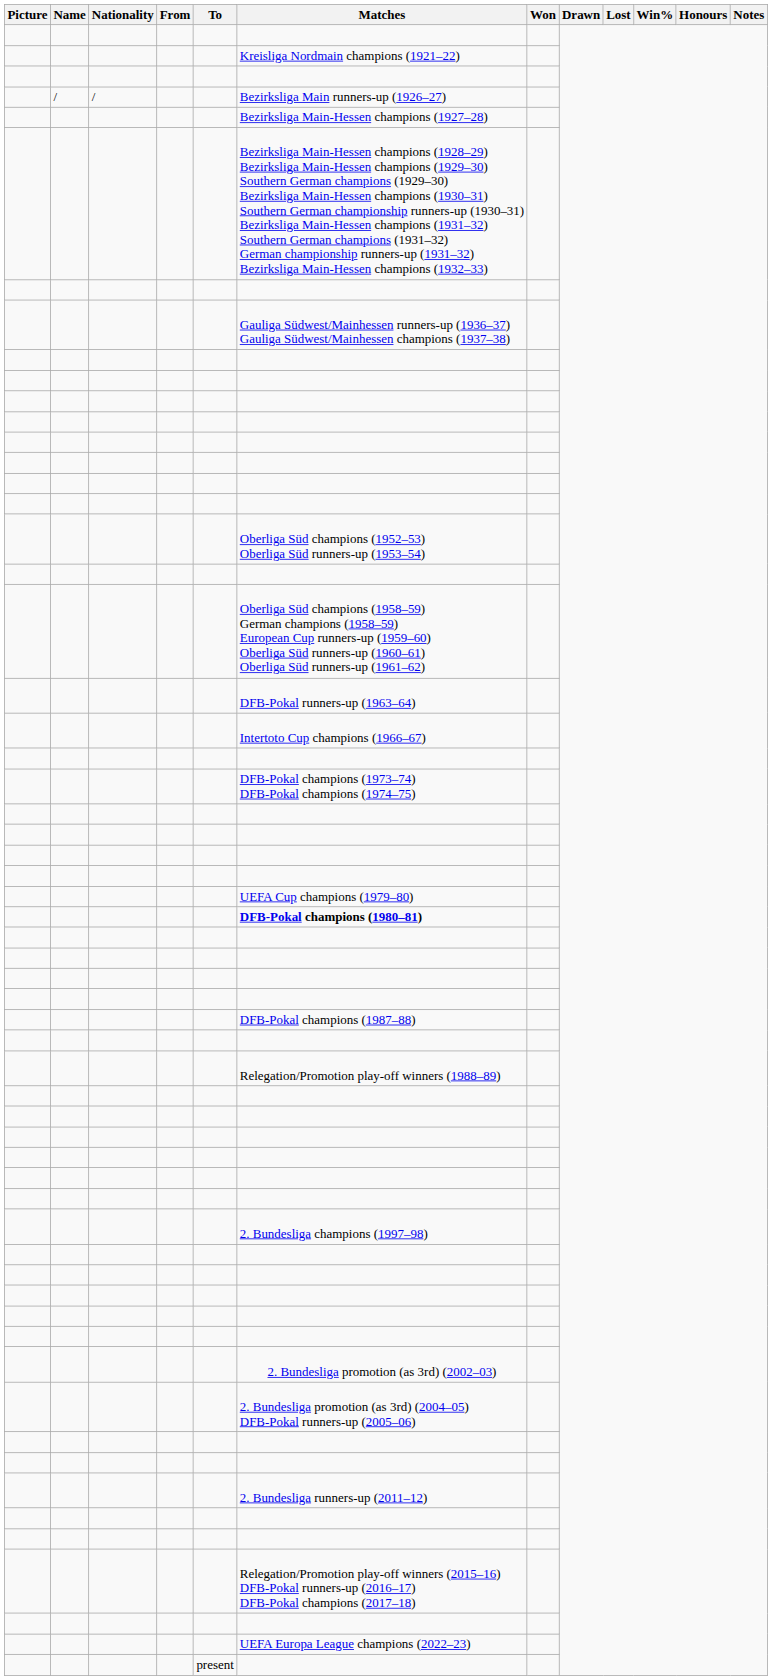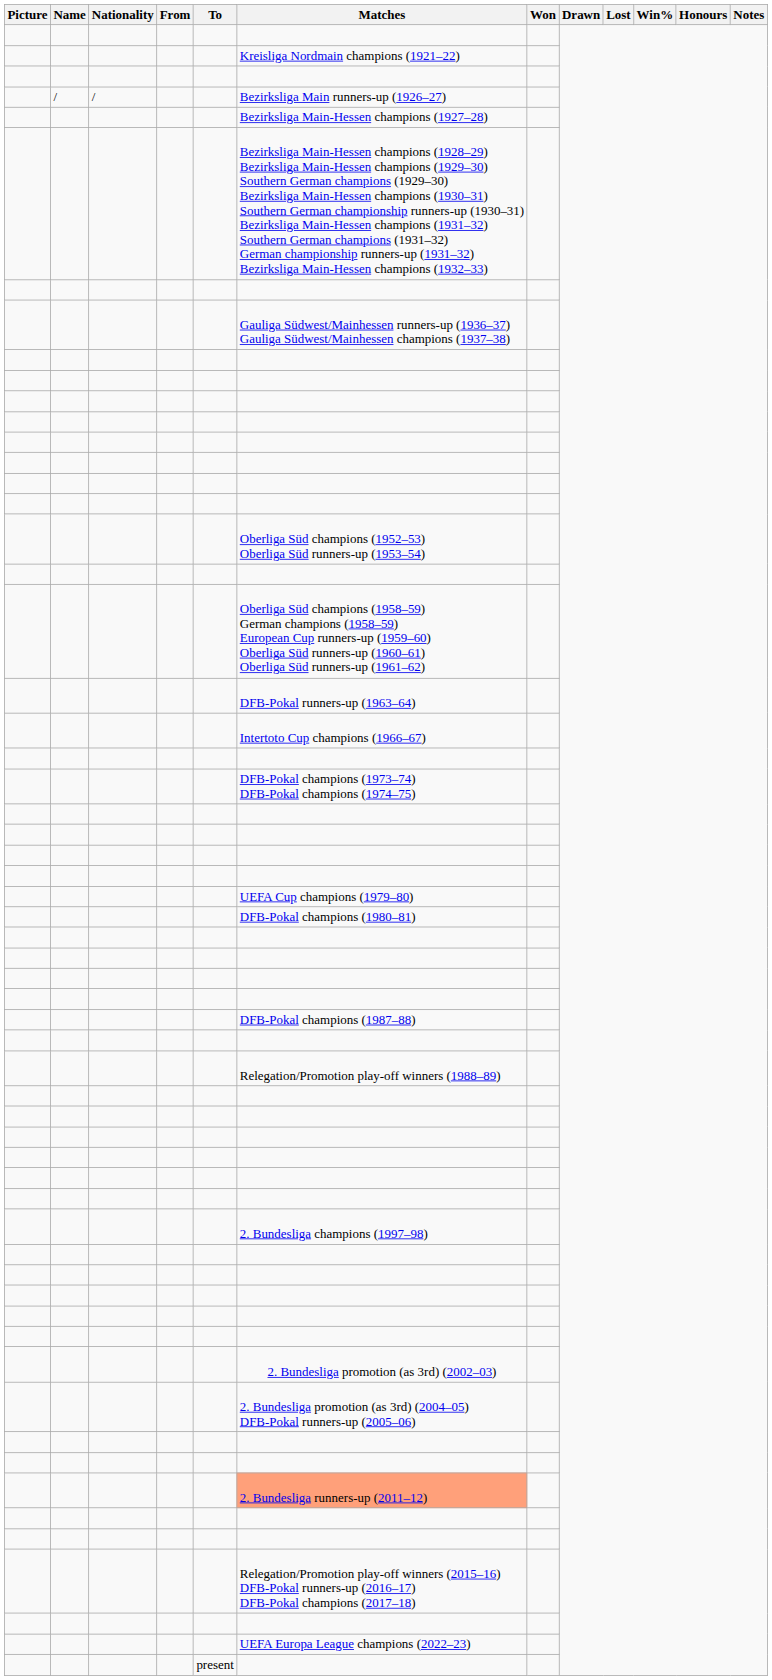 <table class="wikitable sortable" style="text-align: left">
 <tr>
 <th>Picture</th>
 <th>Name</th>
 <th>Nationality</th>
 <th>From</th>
 <th class="unsortable">To</th>
 <th>Matches</th>
 <th>Won</th>
 <th>Drawn</th>
 <th>Lost</th>
 <th>Win%</th>
 <th class="unsortable">Honours</th>
 <th class="unsortable">Notes</th>
 </tr>
 <tr>
 <td align=center></td>
 <td align=left></td>
 <td></td>
 <td align=left></td>
 <td align=left><br></td>
 <td align=left></td>
 <td></td>
 </tr>
 <tr>
 <td align=center></td>
 <td align=left></td>
 <td></td>
 <td align=left></td>
 <td align=left><br></td>
 <td align=left><a href='#'>Kreisliga Nordmain</a> champions (<a href='#'>1921–22</a>)</td>
 <td></td>
 </tr>
 <tr>
 <td align=center></td>
 <td align=left></td>
 <td></td>
 <td align=left></td>
 <td align=left><br></td>
 <td align=left></td>
 <td></td>
 </tr>
 <tr>
 <td align=center></td>
 <td align=left> / </td>
 <td> / </td>
 <td align=left></td>
 <td align=left><br></td>
 <td align=left><a href='#'>Bezirksliga Main</a> runners-up (<a href='#'>1926–27</a>)</td>
 <td></td>
 </tr>
 <tr>
 <td align=center></td>
 <td align=left></td>
 <td></td>
 <td align=left></td>
 <td align=left><br></td>
 <td align=left><a href='#'>Bezirksliga Main-Hessen</a> champions (<a href='#'>1927–28</a>)</td>
 <td></td>
 </tr>
 <tr>
 <td align=center></td>
 <td align=left></td>
 <td></td>
 <td align=left></td>
 <td align=left><br></td>
 <td align=left><br><a href='#'>Bezirksliga Main-Hessen</a> champions (<a href='#'>1928–29</a>)<br> <a href='#'>Bezirksliga Main-Hessen</a> champions (<a href='#'>1929–30</a>)<br> <a href='#'>Southern German champions</a> (1929–30)<br> <a href='#'>Bezirksliga Main-Hessen</a> champions (<a href='#'>1930–31</a>)<br> <a href='#'>Southern German championship</a> runners-up (1930–31)<br> <a href='#'>Bezirksliga Main-Hessen</a> champions (<a href='#'>1931–32</a>)<br> <a href='#'>Southern German champions</a> (1931–32)<br> <a href='#'>German championship</a> runners-up (<a href='#'>1931–32</a>)<br> <a href='#'>Bezirksliga Main-Hessen</a> champions (<a href='#'>1932–33</a>)</td>
 <td></td>
 </tr>
 <tr>
 <td align=center></td>
 <td align=left></td>
 <td></td>
 <td align=left></td>
 <td align=left><br></td>
 <td align=left></td>
 <td></td>
 </tr>
 <tr>
 <td align=center></td>
 <td align=left></td>
 <td></td>
 <td align=left></td>
 <td align=left><br></td>
 <td align=left><br><a href='#'>Gauliga Südwest/Mainhessen</a> runners-up (<a href='#'>1936–37</a>)<br> <a href='#'>Gauliga Südwest/Mainhessen</a> champions (<a href='#'>1937–38</a>)</td>
 <td></td>
 </tr>
 <tr>
 <td align=center></td>
 <td align=left></td>
 <td></td>
 <td align=left></td>
 <td align=left><br></td>
 <td align=left></td>
 <td></td>
 </tr>
 <tr>
 <td align=center></td>
 <td align=left></td>
 <td></td>
 <td align=left></td>
 <td align=left><br></td>
 <td align=left></td>
 <td></td>
 </tr>
 <tr>
 <td align=center></td>
 <td align=left></td>
 <td></td>
 <td align=left></td>
 <td align=left><br></td>
 <td align=left></td>
 <td></td>
 </tr>
 <tr>
 <td align=center></td>
 <td align=left></td>
 <td></td>
 <td align=left></td>
 <td align=left><br></td>
 <td align=left></td>
 <td></td>
 </tr>
 <tr>
 <td align=center></td>
 <td align=left></td>
 <td></td>
 <td align=left></td>
 <td align=left><br></td>
 <td align=left></td>
 <td></td>
 </tr>
 <tr>
 <td align=center></td>
 <td align=left></td>
 <td></td>
 <td align=left></td>
 <td align=left><br></td>
 <td align=left></td>
 <td></td>
 </tr>
 <tr>
 <td align=center></td>
 <td align=left></td>
 <td></td>
 <td align=left></td>
 <td align=left><br></td>
 <td align=left></td>
 <td></td>
 </tr>
 <tr>
 <td align=center></td>
 <td align=left></td>
 <td></td>
 <td align=left></td>
 <td align=left><br></td>
 <td align=left></td>
 <td></td>
 </tr>
 <tr>
 <td align=center></td>
 <td align=left></td>
 <td></td>
 <td align=left></td>
 <td align=left><br></td>
 <td align=left><br><a href='#'>Oberliga Süd</a> champions (<a href='#'>1952–53</a>)<br> <a href='#'>Oberliga Süd</a> runners-up (<a href='#'>1953–54</a>)</td>
 <td></td>
 </tr>
 <tr>
 <td align=center></td>
 <td align=left></td>
 <td></td>
 <td align=left></td>
 <td align=left><br></td>
 <td align=left></td>
 <td></td>
 </tr>
 <tr>
 <td align=center></td>
 <td align=left></td>
 <td></td>
 <td align=left></td>
 <td align=left><br></td>
 <td align=left><br><a href='#'>Oberliga Süd</a> champions (<a href='#'>1958–59</a>)<br> German champions (<a href='#'>1958–59</a>)<br> <a href='#'>European Cup</a> runners-up (<a href='#'>1959–60</a>)<br> <a href='#'>Oberliga Süd</a> runners-up (<a href='#'>1960–61</a>)<br> <a href='#'>Oberliga Süd</a> runners-up (<a href='#'>1961–62</a>)</td>
 <td></td>
 </tr>
 <tr>
 <td align=center></td>
 <td align=left></td>
 <td></td>
 <td align=left></td>
 <td align=left><br></td>
 <td align=left><br><a href='#'>DFB-Pokal</a> runners-up (<a href='#'>1963–64</a>)<br></td>
 <td></td>
 </tr>
 <tr>
 <td align=center></td>
 <td align=left></td>
 <td></td>
 <td align=left></td>
 <td align=left><br></td>
 <td align=left><br><a href='#'>Intertoto Cup</a> champions (<a href='#'>1966–67</a>)</td>
 <td></td>
 </tr>
 <tr>
 <td align=center></td>
 <td align=left></td>
 <td></td>
 <td align=left></td>
 <td align=left><br></td>
 <td align=left></td>
 <td></td>
 </tr>
 <tr>
 <td align=center></td>
 <td align=left></td>
 <td></td>
 <td align=left></td>
 <td align=left><br></td>
 <td align=left><a href='#'>DFB-Pokal</a> champions (<a href='#'>1973–74</a>)<br><a href='#'>DFB-Pokal</a> champions (<a href='#'>1974–75</a>)</td>
 <td></td>
 </tr>
 <tr>
 <td align=center></td>
 <td align=left></td>
 <td></td>
 <td align=left></td>
 <td align=left><br></td>
 <td align=left></td>
 <td></td>
 </tr>
 <tr>
 <td align=center></td>
 <td align=left></td>
 <td></td>
 <td align=left></td>
 <td align=left><br></td>
 <td align=left></td>
 <td></td>
 </tr>
 <tr>
 <td align=center></td>
 <td align=left></td>
 <td></td>
 <td align=left></td>
 <td align=left><br></td>
 <td align=left></td>
 <td></td>
 </tr>
 <tr>
 <td align=center></td>
 <td align=left></td>
 <td></td>
 <td align=left></td>
 <td align=left><br></td>
 <td align=left></td>
 <td></td>
 </tr>
 <tr>
 <td align=center></td>
 <td align=left></td>
 <td></td>
 <td align=left></td>
 <td align=left><br></td>
 <td align=left><a href='#'>UEFA Cup</a> champions (<a href='#'>1979–80</a>)</td>
 <td></td>
 </tr>
 <tr>
 <td align=center></td>
 <td align=left></td>
 <td></td>
 <td align=left></td>
 <td align=left><br></td>
-<td align=left><strong><a href='#'>DFB-Pokal</a> champions (<a href='#'>1980–81</a>)</strong></td>
+<td align=left><a href='#'>DFB-Pokal</a> champions (<a href='#'>1980–81</a>)</td>
 <td></td>
 </tr>
 <tr>
 <td align=center></td>
 <td align=left></td>
 <td></td>
 <td align=left></td>
 <td align=left><br></td>
 <td align=left></td>
 <td></td>
 </tr>
 <tr>
 <td align=center></td>
 <td align=left></td>
 <td></td>
 <td align=left></td>
 <td align=left><br></td>
 <td align=left></td>
 <td></td>
 </tr>
 <tr>
 <td align=center></td>
 <td align=left></td>
 <td></td>
 <td align=left></td>
 <td align=left><br></td>
 <td align=left></td>
 <td></td>
 </tr>
 <tr>
 <td align=center></td>
 <td align=left></td>
 <td></td>
 <td align=left></td>
 <td align=left><br></td>
 <td align=left></td>
 <td></td>
 </tr>
 <tr>
 <td align=center></td>
 <td align=left></td>
 <td></td>
 <td align=left></td>
 <td align=left><br></td>
 <td align=left><a href='#'>DFB-Pokal</a> champions (<a href='#'>1987–88</a>)</td>
 <td></td>
 </tr>
 <tr>
 <td align=center></td>
 <td align=left></td>
 <td></td>
 <td align=left></td>
 <td align=left><br></td>
 <td align=left></td>
 <td></td>
 </tr>
 <tr>
 <td align=center></td>
 <td align=left></td>
 <td></td>
 <td align=left></td>
 <td align=left><br></td>
 <td align=left><br>Relegation/Promotion play-off winners (<a href='#'>1988–89</a>)</td>
 <td></td>
 </tr>
 <tr>
 <td align=center></td>
 <td align=left></td>
 <td></td>
 <td align=left></td>
 <td align=left><br></td>
 <td align=left></td>
 <td></td>
 </tr>
 <tr>
 <td align=center></td>
 <td align=left></td>
 <td></td>
 <td align=left></td>
 <td align=left><br></td>
 <td align=left></td>
 <td></td>
 </tr>
 <tr>
 <td align=center></td>
 <td align=left></td>
 <td></td>
 <td align=left></td>
 <td align=left><br></td>
 <td align=left></td>
 <td></td>
 </tr>
 <tr>
 <td align=center></td>
 <td align=left></td>
 <td></td>
 <td align=left></td>
 <td align=left><br></td>
 <td align=left></td>
 <td></td>
 </tr>
 <tr>
 <td align=center></td>
 <td align=left></td>
 <td></td>
 <td align=left></td>
 <td align=left><br></td>
 <td align=left></td>
 <td></td>
 </tr>
 <tr>
 <td align=center></td>
 <td align=left></td>
 <td></td>
 <td align=left></td>
 <td align=left><br></td>
 <td align=left></td>
 <td></td>
 </tr>
 <tr>
 <td align=center></td>
 <td align=left></td>
 <td></td>
 <td align=left></td>
 <td align=left><br></td>
 <td align=left><br><a href='#'>2. Bundesliga</a> champions (<a href='#'>1997–98</a>)</td>
 <td></td>
 </tr>
 <tr>
 <td align=center></td>
 <td align=left></td>
 <td></td>
 <td align=left></td>
 <td align=left><br></td>
 <td align=left></td>
 <td></td>
 </tr>
 <tr>
 <td align=center></td>
 <td align=left></td>
 <td></td>
 <td align=left></td>
 <td align=left><br></td>
 <td align=center></td>
 <td></td>
 </tr>
 <tr>
 <td align=center></td>
 <td align=left></td>
 <td></td>
 <td align=left></td>
 <td align=left><br></td>
 <td align=center></td>
 <td></td>
 </tr>
 <tr>
 <td align=center></td>
 <td align=left></td>
 <td></td>
 <td align=left></td>
 <td align=left><br></td>
 <td align=center></td>
 <td></td>
 </tr>
 <tr>
 <td align=center></td>
 <td align=left></td>
 <td></td>
 <td align=left></td>
 <td align=left><br></td>
 <td align=center></td>
 <td></td>
 </tr>
 <tr>
 <td align=center></td>
 <td align=left></td>
 <td></td>
 <td align=left></td>
 <td align=left><br></td>
 <td align=center><br><a href='#'>2. Bundesliga</a> promotion (as 3rd) (<a href='#'>2002–03</a>)</td>
 <td></td>
 </tr>
 <tr>
 <td align=center></td>
 <td align=left></td>
 <td></td>
 <td align=left></td>
 <td align=left><br></td>
 <td align=left><br><a href='#'>2. Bundesliga</a> promotion (as 3rd) (<a href='#'>2004–05</a>)<br> <a href='#'>DFB-Pokal</a> runners-up (<a href='#'>2005–06</a>)</td>
 <td></td>
 </tr>
 <tr>
 <td align=center></td>
 <td align=left></td>
 <td></td>
 <td align=left></td>
 <td align=left><br></td>
 <td align=center></td>
 <td></td>
 </tr>
 <tr>
 <td align=center></td>
 <td align=left></td>
 <td></td>
 <td align=left></td>
 <td align=left><br></td>
 <td align=center></td>
 <td></td>
 </tr>
 <tr>
 <td align=center></td>
 <td align=left></td>
 <td></td>
 <td align=left></td>
 <td align=left><br></td>
-<td align=left><br><a href='#'>2. Bundesliga</a> runners-up (<a href='#'>2011–12</a>)</td>
+<td align=left style="background: lightsalmon;"><br><a href='#'>2. Bundesliga</a> runners-up (<a href='#'>2011–12</a>)</td>
 <td></td>
 </tr>
 <tr>
 <td align=center></td>
 <td align=left></td>
 <td></td>
 <td align=left></td>
 <td align=left><br></td>
 <td align=center></td>
 <td></td>
 </tr>
 <tr>
 <td align=center></td>
 <td align=left></td>
 <td></td>
 <td align=left></td>
 <td align=left><br></td>
 <td align=left></td>
 <td></td>
 </tr>
 <tr>
 <td align=center></td>
 <td align=left></td>
 <td></td>
 <td align=left></td>
 <td align=left><br></td>
 <td align=left><br>Relegation/Promotion play-off winners (<a href='#'>2015–16</a>)<br> <a href='#'>DFB-Pokal</a> runners-up (<a href='#'>2016–17</a>)<br> <a href='#'>DFB-Pokal</a> champions (<a href='#'>2017–18</a>)</td>
 <td></td>
 </tr>
 <tr>
 <td align=center></td>
 <td align=left></td>
 <td></td>
 <td align=left></td>
 <td align=left><br></td>
 <td align=left></td>
 <td></td>
 </tr>
 <tr>
 <td align=center></td>
 <td align=left></td>
 <td></td>
 <td align=left></td>
 <td align=left><br></td>
 <td align=left><a href='#'>UEFA Europa League</a> champions (<a href='#'>2022–23</a>)</td>
 <td></td>
 </tr>
 <tr>
 <td align=center></td>
 <td align=left></td>
 <td></td>
 <td align=left></td>
 <td align=left>present<br></td>
 <td align=left></td>
 <td></td>
 </tr>
 </table>
